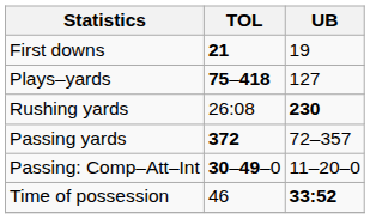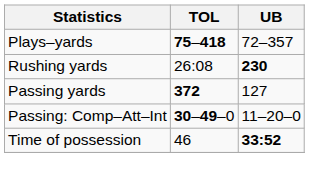 <table class="wikitable" style="float: left;">
 <tr>
 <th>Statistics</th>
 <th>TOL</th>
 <th>UB</th>
 </tr>
 <tr>
-<td>First downs</td>
-<td><strong>21</strong></td>
-<td>19</td>
-</tr>
-<tr>
 <td>Plays–yards</td>
 <td><strong>75</strong>–<strong>418</strong></td>
-<td>127</td>
+<td>72–357</td>
 </tr>
 <tr>
 <td>Rushing yards</td>
 <td>26:08</td>
 <td><strong>230</strong></td>
 </tr>
 <tr>
 <td>Passing yards</td>
 <td><strong>372</strong></td>
-<td>72–357</td>
+<td>127</td>
 </tr>
 <tr>
 <td>Passing: Comp–Att–Int</td>
 <td><strong>30</strong>–<strong>49</strong>–0</td>
 <td>11–20–0</td>
 </tr>
 <tr>
 <td>Time of possession</td>
 <td>46</td>
 <td><strong>33:52</strong></td>
 </tr>
 <tr>
 </tr>
 </table>
